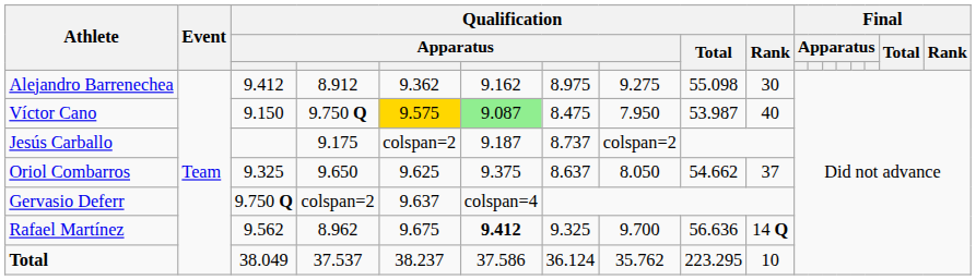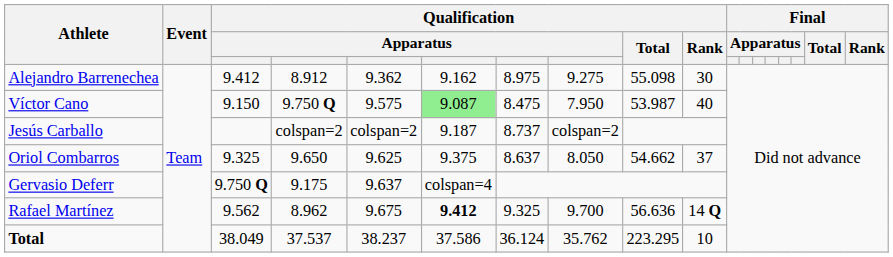 <table class="wikitable" style="font-size:90%">
 <tr>
 <th rowspan=3>Athlete</th>
 <th rowspan=3>Event</th>
 <th colspan =8>Qualification</th>
 <th colspan =8>Final</th>
 </tr>
 <tr style="font-size:95%">
 <th colspan=6>Apparatus</th>
 <th rowspan=2>Total</th>
 <th rowspan=2>Rank</th>
 <th colspan=6>Apparatus</th>
 <th rowspan=2>Total</th>
 <th rowspan=2>Rank</th>
 </tr>
 <tr style="font-size:95%">
 <th></th>
 <th></th>
 <th></th>
 <th></th>
 <th></th>
 <th></th>
 <th></th>
 <th></th>
 <th></th>
 <th></th>
 <th></th>
 <th></th>
 </tr>
 <tr align=center>
 <td align=left><a href='#'>Alejandro Barrenechea</a></td>
 <td align=left rowspan=7><a href='#'>Team</a></td>
 <td>9.412</td>
 <td>8.912</td>
 <td>9.362</td>
 <td>9.162</td>
 <td>8.975</td>
 <td>9.275</td>
 <td>55.098</td>
 <td>30</td>
 <td colspan=8 rowspan=7>Did not advance</td>
 </tr>
 <tr align=center>
 <td align=left><a href='#'>Víctor Cano</a></td>
 <td>9.150</td>
 <td>9.750 <strong>Q</strong></td>
-<td style="background: gold;">9.575</td>
+<td>9.575</td>
 <td style="background: lightgreen;">9.087</td>
 <td>8.475</td>
 <td>7.950</td>
 <td>53.987</td>
 <td>40</td>
 </tr>
 <tr align=center>
 <td align=left><a href='#'>Jesús Carballo</a></td>
 <td></td>
-<td>9.175</td>
+<td>colspan=2 </td>
 <td>colspan=2 </td>
 <td>9.187</td>
 <td>8.737</td>
 <td>colspan=2 </td>
 </tr>
 <tr align=center>
 <td align=left><a href='#'>Oriol Combarros</a></td>
 <td>9.325</td>
 <td>9.650</td>
 <td>9.625</td>
 <td>9.375</td>
 <td>8.637</td>
 <td>8.050</td>
 <td>54.662</td>
 <td>37</td>
 </tr>
 <tr align=center>
 <td align=left><a href='#'>Gervasio Deferr</a></td>
 <td>9.750 <strong>Q</strong></td>
-<td>colspan=2 </td>
+<td>9.175</td>
 <td>9.637</td>
 <td>colspan=4 </td>
 </tr>
 <tr align=center>
 <td align=left><a href='#'>Rafael Martínez</a></td>
 <td>9.562</td>
 <td>8.962</td>
 <td>9.675</td>
 <td><strong>9.412</strong></td>
 <td>9.325</td>
 <td>9.700</td>
 <td>56.636</td>
 <td>14 <strong>Q</strong></td>
 </tr>
 <tr align=center>
 <td align=left><strong>Total</strong></td>
 <td>38.049</td>
 <td>37.537</td>
 <td>38.237</td>
 <td>37.586</td>
 <td>36.124</td>
 <td>35.762</td>
 <td>223.295</td>
 <td>10</td>
 </tr>
 </table>
